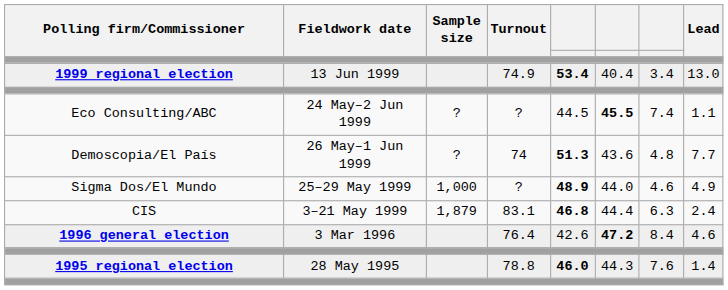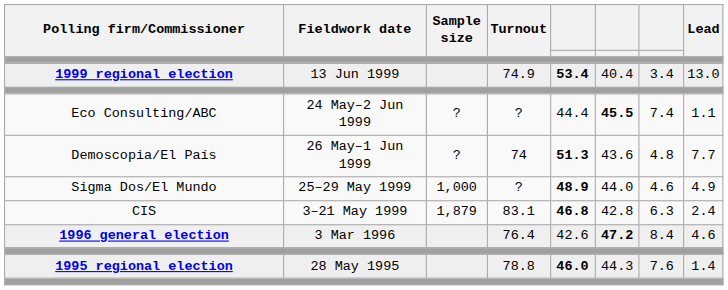 <table class="wikitable collapsible collapsed" style="text-align:center; font-size:95%; line-height:16px;">
 <tr style="height:42px;">
 <th style="width:250px;" rowspan="2">Polling firm/Commissioner</th>
 <th style="width:125px;" rowspan="2">Fieldwork date</th>
 <th style="width:50px;" rowspan="2">Sample size</th>
 <th style="width:45px;" rowspan="2">Turnout</th>
 <th style="width:35px;"></th>
 <th style="width:35px;"></th>
 <th style="width:35px;"></th>
 <th style="width:20px;" rowspan="2">Lead</th>
 </tr>
 <tr>
 <th style="color:inherit;background:"></th>
 <th style="color:inherit;background:"></th>
 <th style="color:inherit;background:"></th>
 </tr>
 <tr>
 <td colspan="8" style="background:#A0A0A0"></td>
 </tr>
 <tr style="background:#EFEFEF;">
 <td><strong><a href='#'>1999 regional election</a></strong></td>
 <td>13 Jun 1999</td>
 <td></td>
 <td>74.9</td>
 <td><strong>53.4</strong><br></td>
 <td>40.4<br></td>
 <td>3.4<br></td>
 <td style="background:">13.0</td>
 </tr>
 <tr>
 <td colspan="8" style="background:#A0A0A0"></td>
 </tr>
 <tr>
 <td>Eco Consulting/ABC</td>
 <td>24 May–2 Jun 1999</td>
 <td>?</td>
 <td>?</td>
-<td>44.5<br></td>
+<td>44.4<br></td>
 <td><strong>45.5</strong><br></td>
 <td>7.4<br></td>
 <td style="background:">1.1</td>
 </tr>
 <tr>
 <td>Demoscopia/El País</td>
 <td>26 May–1 Jun 1999</td>
 <td>?</td>
 <td>74</td>
 <td><strong>51.3</strong><br></td>
 <td>43.6<br></td>
 <td>4.8<br></td>
 <td style="background:">7.7</td>
 </tr>
 <tr>
 <td>Sigma Dos/El Mundo</td>
 <td>25–29 May 1999</td>
 <td>1,000</td>
 <td>?</td>
 <td><strong>48.9</strong><br></td>
 <td>44.0<br></td>
 <td>4.6<br></td>
 <td style="background:">4.9</td>
 </tr>
 <tr>
 <td>CIS</td>
 <td>3–21 May 1999</td>
 <td>1,879</td>
 <td>83.1</td>
 <td><strong>46.8</strong><br></td>
-<td>44.4<br></td>
+<td>42.8<br></td>
 <td>6.3<br></td>
 <td style="background:">2.4</td>
 </tr>
 <tr style="background:#EFEFEF;">
 <td><strong><a href='#'>1996 general election</a></strong></td>
 <td>3 Mar 1996</td>
 <td></td>
 <td>76.4</td>
 <td>42.6<br></td>
 <td><strong>47.2</strong><br></td>
 <td>8.4<br></td>
 <td style="background:">4.6</td>
 </tr>
 <tr>
 <td colspan="8" style="background:#A0A0A0"></td>
 </tr>
 <tr style="background:#EFEFEF;">
 <td><strong><a href='#'>1995 regional election</a></strong></td>
 <td>28 May 1995</td>
 <td></td>
 <td>78.8</td>
 <td><strong>46.0</strong><br></td>
 <td>44.3<br></td>
 <td>7.6<br></td>
 <td style="background:">1.4</td>
 </tr>
 <tr>
 <td colspan="8" style="background:#A0A0A0"></td>
 </tr>
 </table>
